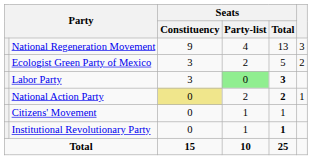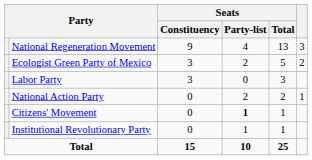 <table class="wikitable" style="text-align:center;">
 <tr>
 <th colspan="2" rowspan="2">Party</th>
 <th colspan="3">Seats</th>
 <th rowspan="2"></th>
 </tr>
 <tr>
 <th style="width:3em"><strong>Constituency</strong></th>
 <th>Party-list</th>
 <th>Total</th>
 </tr>
 <tr>
 <th style="background-color:"></th>
 <td style="text-align:left;"><a href='#'>National Regeneration Movement</a></td>
 <td>9</td>
 <td>4</td>
 <td>13</td>
 <td> 3</td>
 </tr>
 <tr>
 <th style="background-color:"></th>
 <td style="text-align:left;"><a href='#'>Ecologist Green Party of Mexico</a></td>
 <td>3</td>
 <td>2</td>
 <td>5</td>
 <td> 2</td>
 </tr>
 <tr>
 <th style="background-color:"></th>
 <td style="text-align:left;"><a href='#'>Labor Party</a></td>
 <td>3</td>
-<td style="background: lightgreen;">0</td>
-<td><strong>3</strong></td>
+<td>0</td>
+<td>3</td>
 <td></td>
 </tr>
 <tr>
 <th style="background-color:"></th>
 <td style="text-align:left;"><a href='#'>National Action Party</a></td>
-<td style="background: khaki;">0</td>
+<td>0</td>
 <td>2</td>
-<td><strong>2</strong></td>
+<td>2</td>
 <td> 1</td>
 </tr>
 <tr>
 <th style="background-color:"></th>
 <td style="text-align:left;"><a href='#'>Citizens' Movement</a></td>
 <td>0</td>
-<td>1</td>
+<td><strong>1</strong></td>
 <td>1</td>
 <td></td>
 </tr>
 <tr>
 <th style="background-color:"></th>
 <td style="text-align:left;"><a href='#'>Institutional Revolutionary Party</a></td>
 <td>0</td>
 <td>1</td>
-<td><strong>1</strong></td>
+<td>1</td>
 <td></td>
 </tr>
 <tr>
 <td colspan="2"><strong>Total</strong></td>
 <td><strong>15</strong></td>
 <td><strong>10</strong></td>
 <td><strong>25</strong></td>
 <td></td>
 </tr>
 </table>
